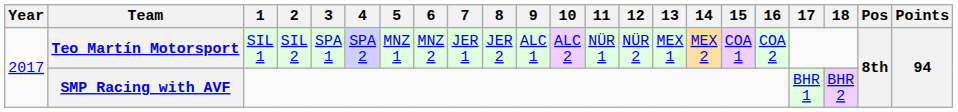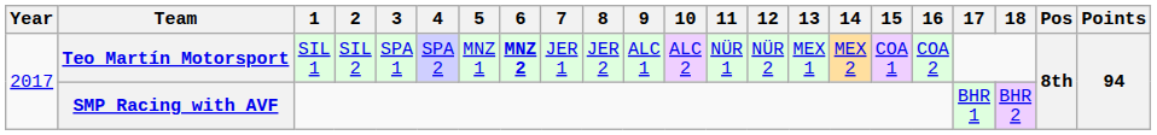 <table class="wikitable" style="text-align:center; font-size:85%">
 <tr>
 <th>Year</th>
 <th>Team</th>
 <th>1</th>
 <th>2</th>
 <th>3</th>
 <th>4</th>
 <th>5</th>
 <th>6</th>
 <th>7</th>
 <th>8</th>
 <th>9</th>
 <th>10</th>
 <th>11</th>
 <th>12</th>
 <th>13</th>
 <th>14</th>
 <th>15</th>
 <th>16</th>
 <th>17</th>
 <th>18</th>
 <th>Pos</th>
 <th>Points</th>
 </tr>
 <tr>
 <td rowspan=2><a href='#'>2017</a></td>
 <th nowrap><a href='#'>Teo Martín Motorsport</a></th>
 <td style="background:#DFFFDF;"><a href='#'>SIL<br>1</a><br></td>
 <td style="background:#DFFFDF;"><a href='#'>SIL<br>2</a><br></td>
 <td style="background:#DFFFDF;"><a href='#'>SPA<br>1</a><br></td>
 <td style="background:#CFCFFF;"><a href='#'>SPA<br>2</a><br></td>
 <td style="background:#DFFFDF;"><a href='#'>MNZ<br>1</a><br></td>
-<td style="background:#DFFFDF;"><a href='#'>MNZ<br>2</a><br></td>
+<td style="background:#DFFFDF;"><strong><a href='#'>MNZ<br>2</a><br></strong></td>
 <td style="background:#DFFFDF;"><a href='#'>JER<br>1</a><br></td>
 <td style="background:#DFFFDF;"><a href='#'>JER<br>2</a><br></td>
 <td style="background:#DFFFDF;"><a href='#'>ALC<br>1</a><br></td>
 <td style="background:#EFCFFF;"><a href='#'>ALC<br>2</a><br></td>
 <td style="background:#DFFFDF;"><a href='#'>NÜR<br>1</a><br></td>
 <td style="background:#DFFFDF;"><a href='#'>NÜR<br>2</a><br></td>
 <td style="background:#DFFFDF;"><a href='#'>MEX<br>1</a><br></td>
 <td style="background:#FFDF9F;"><a href='#'>MEX<br>2</a><br></td>
 <td style="background:#EFCFFF;"><a href='#'>COA<br>1</a><br></td>
 <td style="background:#DFFFDF;"><a href='#'>COA<br>2</a><br></td>
 <td colspan=2></td>
 <th rowspan=2>8th</th>
 <th rowspan=2>94</th>
 </tr>
 <tr>
 <th nowrap><a href='#'>SMP Racing with AVF</a></th>
 <td colspan=16></td>
 <td style="background:#DFFFDF;"><a href='#'>BHR<br>1</a><br></td>
 <td style="background:#EFCFFF;"><a href='#'>BHR<br>2</a><br></td>
 </tr>
 </table>
